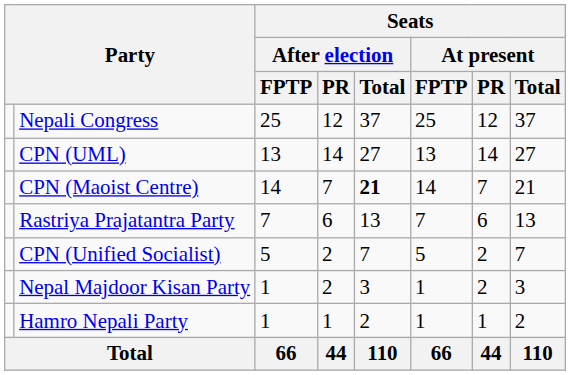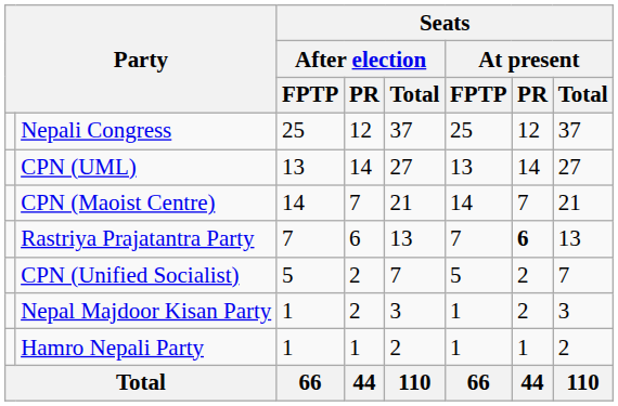 <table class="wikitable">
 <tr>
 <th colspan="2" rowspan="3">Party</th>
 <th colspan="6">Seats</th>
 </tr>
 <tr>
 <th colspan="3">After <a href='#'>election</a></th>
 <th colspan="3">At present</th>
 </tr>
 <tr>
 <th>FPTP</th>
 <th>PR</th>
 <th>Total</th>
 <th>FPTP</th>
 <th>PR</th>
 <th>Total</th>
 </tr>
 <tr>
 <td></td>
 <td><a href='#'>Nepali Congress</a></td>
 <td>25</td>
 <td>12</td>
 <td>37</td>
 <td>25</td>
 <td>12</td>
 <td>37</td>
 </tr>
 <tr>
 <td></td>
 <td><a href='#'>CPN (UML)</a></td>
 <td>13</td>
 <td>14</td>
 <td>27</td>
 <td>13</td>
 <td>14</td>
 <td>27</td>
 </tr>
 <tr>
 <td></td>
 <td><a href='#'>CPN (Maoist Centre)</a></td>
 <td>14</td>
 <td>7</td>
-<td><strong>21</strong></td>
+<td>21</td>
 <td>14</td>
 <td>7</td>
 <td>21</td>
 </tr>
 <tr>
 <td></td>
 <td><a href='#'>Rastriya Prajatantra Party</a></td>
 <td>7</td>
 <td>6</td>
 <td>13</td>
 <td>7</td>
-<td>6</td>
+<td><strong>6</strong></td>
 <td>13</td>
 </tr>
 <tr>
 <td></td>
 <td><a href='#'>CPN (Unified Socialist)</a></td>
 <td>5</td>
 <td>2</td>
 <td>7</td>
 <td>5</td>
 <td>2</td>
 <td>7</td>
 </tr>
 <tr>
 <td></td>
 <td><a href='#'>Nepal Majdoor Kisan Party</a></td>
 <td>1</td>
 <td>2</td>
 <td>3</td>
 <td>1</td>
 <td>2</td>
 <td>3</td>
 </tr>
 <tr>
 <td></td>
 <td><a href='#'>Hamro Nepali Party</a></td>
 <td>1</td>
 <td>1</td>
 <td>2</td>
 <td>1</td>
 <td>1</td>
 <td>2</td>
 </tr>
 <tr>
 <th colspan="2">Total</th>
 <th>66</th>
 <th>44</th>
 <th>110</th>
 <th>66</th>
 <th>44</th>
 <th>110</th>
 </tr>
 </table>
